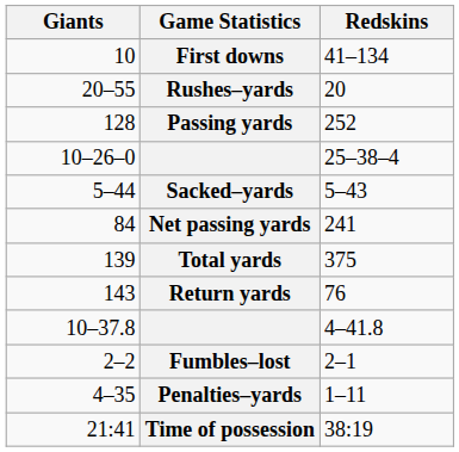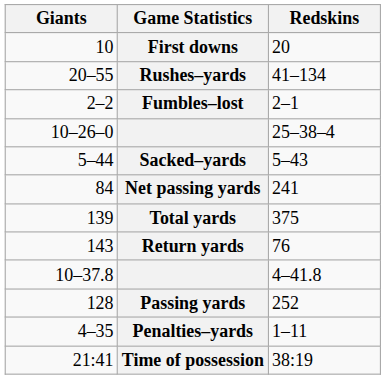 <table class="wikitable" style="margin: 1em auto 1em auto">
 <tr>
 <th style="width:30%;">Giants</th>
 <th style="width:40%;">Game Statistics</th>
 <th style="width:30%;">Redskins</th>
 </tr>
 <tr>
 <td style="text-align:right;">10</td>
 <th>First downs</th>
-<td>41–134</td>
+<td>20</td>
 </tr>
 <tr>
 <td style="text-align:right;">20–55</td>
 <th>Rushes–yards</th>
-<td>20</td>
+<td>41–134</td>
 </tr>
 <tr>
-<td style="text-align:right;">128</td>
-<th>Passing yards</th>
-<td>252</td>
+<td style="text-align:right;">2–2</td>
+<th>Fumbles–lost</th>
+<td>2–1</td>
 </tr>
 <tr>
 <td style="text-align:right;">10–26–0</td>
 <th></th>
 <td>25–38–4</td>
 </tr>
 <tr>
 <td style="text-align:right;">5–44</td>
 <th>Sacked–yards</th>
 <td>5–43</td>
 </tr>
 <tr>
 <td style="text-align:right;">84</td>
 <th>Net passing yards</th>
 <td>241</td>
 </tr>
 <tr>
 <td style="text-align:right;">139</td>
 <th>Total yards</th>
 <td>375</td>
 </tr>
 <tr>
 <td style="text-align:right;">143</td>
 <th>Return yards</th>
 <td>76</td>
 </tr>
 <tr>
 <td style="text-align:right;">10–37.8</td>
 <th></th>
 <td>4–41.8</td>
 </tr>
 <tr>
-<td style="text-align:right;">2–2</td>
-<th>Fumbles–lost</th>
-<td>2–1</td>
+<td style="text-align:right;">128</td>
+<th>Passing yards</th>
+<td>252</td>
 </tr>
 <tr>
 <td style="text-align:right;">4–35</td>
 <th>Penalties–yards</th>
 <td>1–11</td>
 </tr>
 <tr>
 <td style="text-align:right;">21:41</td>
 <th>Time of possession</th>
 <td>38:19</td>
 </tr>
 </table>
